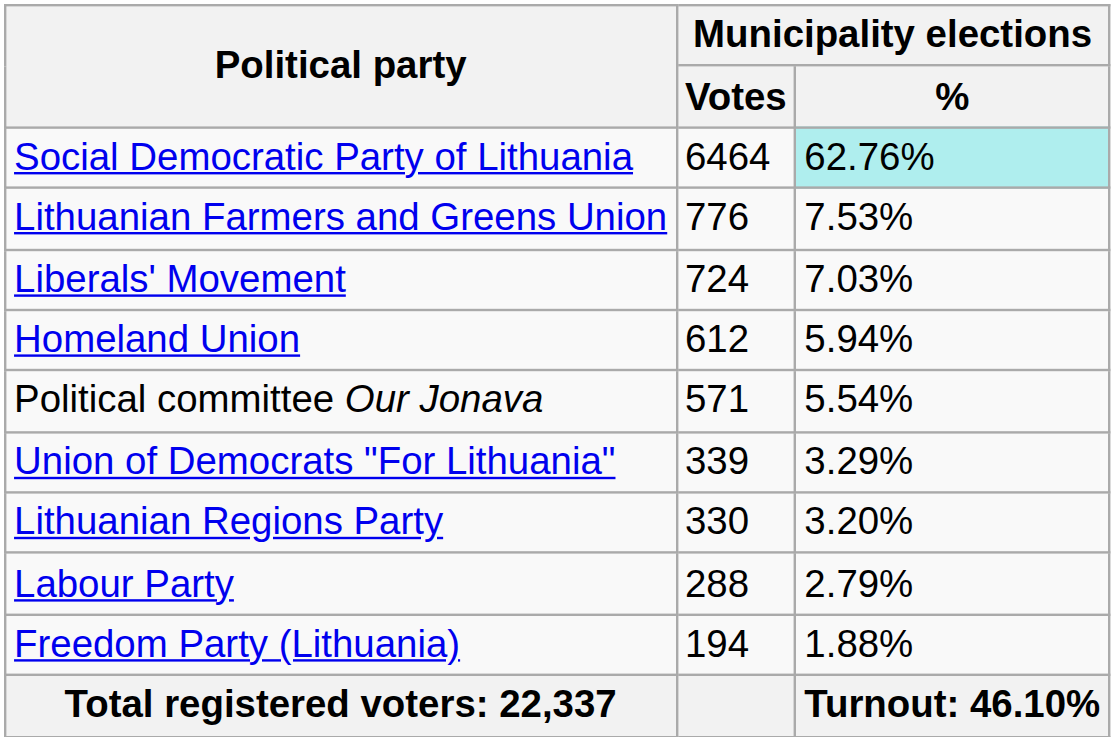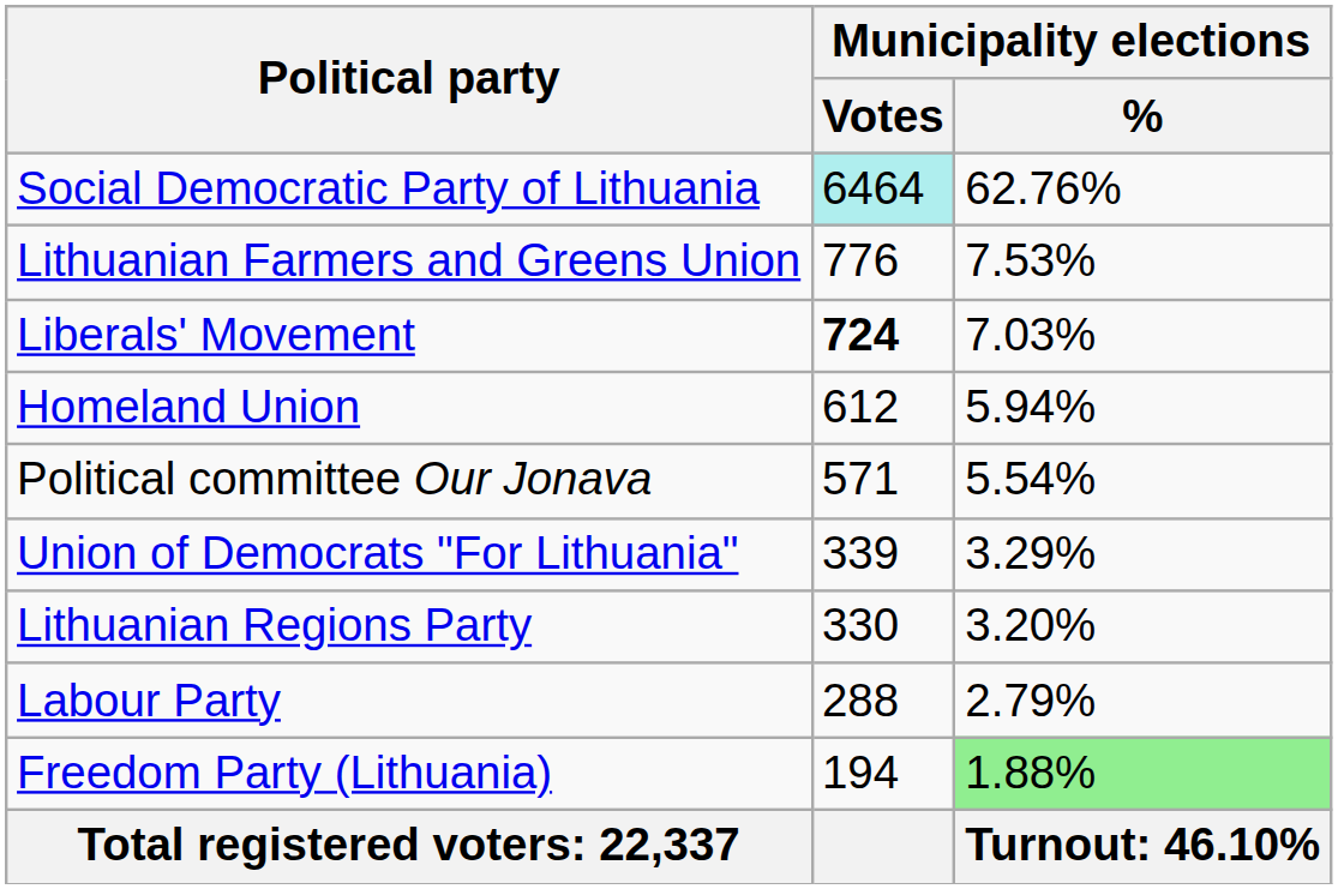 <table class="wikitable">
 <tr>
 <th rowspan="2">Political party</th>
 <th colspan="2">Municipality elections</th>
 </tr>
 <tr>
 <th>Votes </th>
 <th>%</th>
 </tr>
 <tr>
 <td><a href='#'>Social Democratic Party of Lithuania</a></td>
-<td>6464</td>
-<td style="background: paleturquoise;">62.76%</td>
+<td style="background: paleturquoise;">6464</td>
+<td>62.76%</td>
 </tr>
 <tr>
 <td><a href='#'>Lithuanian Farmers and Greens Union</a></td>
 <td>776</td>
 <td>7.53%</td>
 </tr>
 <tr>
 <td><a href='#'>Liberals' Movement</a></td>
-<td>724</td>
+<td><strong>724</strong></td>
 <td>7.03%</td>
 </tr>
 <tr>
 <td><a href='#'>Homeland Union</a></td>
 <td>612</td>
 <td>5.94%</td>
 </tr>
 <tr>
 <td>Political committee <em>Our Jonava</em></td>
 <td>571</td>
 <td>5.54%</td>
 </tr>
 <tr>
 <td><a href='#'>Union of Democrats "For Lithuania"</a></td>
 <td>339</td>
 <td>3.29%</td>
 </tr>
 <tr>
 <td><a href='#'>Lithuanian Regions Party</a></td>
 <td>330</td>
 <td>3.20%</td>
 </tr>
 <tr>
 <td><a href='#'>Labour Party</a></td>
 <td>288</td>
 <td>2.79%</td>
 </tr>
 <tr>
 <td><a href='#'>Freedom Party (Lithuania)</a></td>
 <td>194</td>
-<td>1.88%</td>
+<td style="background: lightgreen;">1.88%</td>
 </tr>
 <tr>
 <th>Total registered voters: 22,337</th>
 <th></th>
 <th>Turnout: 46.10%</th>
 </tr>
 </table>
